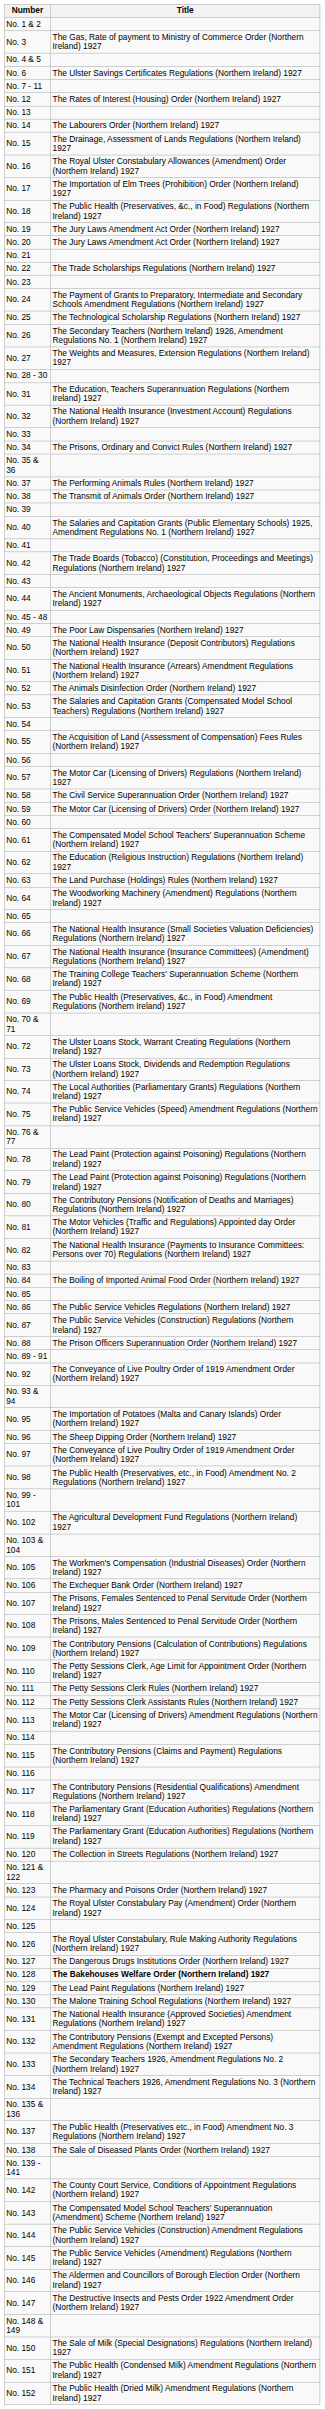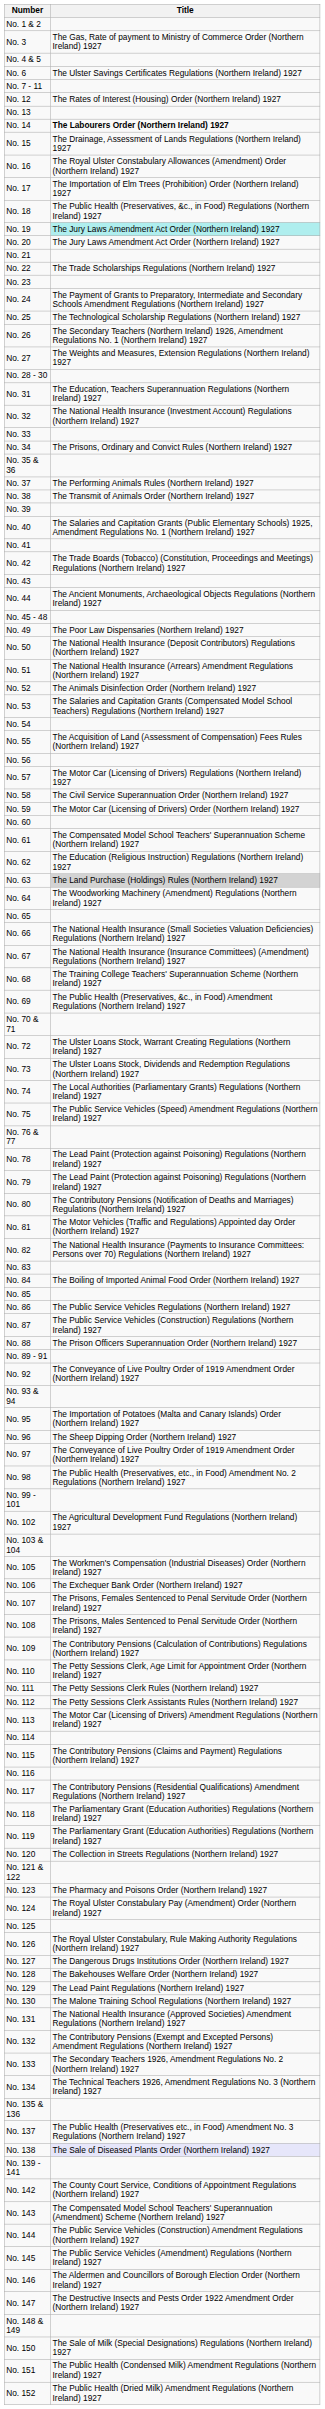 <table class="wikitable collapsible">
 <tr>
 <th>Number</th>
 <th>Title</th>
 </tr>
 <tr>
 <td>No. 1 & 2</td>
 <td></td>
 </tr>
 <tr>
 <td>No. 3</td>
 <td>The Gas, Rate of payment to Ministry of Commerce Order (Northern Ireland) 1927</td>
 </tr>
 <tr>
 <td>No. 4 & 5</td>
 <td></td>
 </tr>
 <tr>
 <td>No. 6</td>
 <td>The Ulster Savings Certificates Regulations (Northern Ireland) 1927</td>
 </tr>
 <tr>
 <td>No. 7 - 11</td>
 <td></td>
 </tr>
 <tr>
 <td>No. 12</td>
 <td>The Rates of Interest (Housing) Order (Northern Ireland) 1927</td>
 </tr>
 <tr>
 <td>No. 13</td>
 <td></td>
 </tr>
 <tr>
 <td>No. 14</td>
-<td>The Labourers Order (Northern Ireland) 1927</td>
+<td><strong>The Labourers Order (Northern Ireland) 1927</strong></td>
 </tr>
 <tr>
 <td>No. 15</td>
 <td>The Drainage, Assessment of Lands Regulations (Northern Ireland) 1927</td>
 </tr>
 <tr>
 <td>No. 16</td>
 <td>The Royal Ulster Constabulary Allowances (Amendment) Order (Northern Ireland) 1927</td>
 </tr>
 <tr>
 <td>No. 17</td>
 <td>The Importation of Elm Trees (Prohibition) Order (Northern Ireland) 1927</td>
 </tr>
 <tr>
 <td>No. 18</td>
 <td>The Public Health (Preservatives, &c., in Food) Regulations (Northern Ireland) 1927</td>
 </tr>
 <tr>
 <td>No. 19</td>
-<td>The Jury Laws Amendment Act Order (Northern Ireland) 1927</td>
+<td style="background: paleturquoise;">The Jury Laws Amendment Act Order (Northern Ireland) 1927</td>
 </tr>
 <tr>
 <td>No. 20</td>
 <td>The Jury Laws Amendment Act Order (Northern Ireland) 1927</td>
 </tr>
 <tr>
 <td>No. 21</td>
 <td></td>
 </tr>
 <tr>
 <td>No. 22</td>
 <td>The Trade Scholarships Regulations (Northern Ireland) 1927</td>
 </tr>
 <tr>
 <td>No. 23</td>
 <td></td>
 </tr>
 <tr>
 <td>No. 24</td>
 <td>The Payment of Grants to Preparatory, Intermediate and Secondary Schools Amendment Regulations (Northern Ireland) 1927</td>
 </tr>
 <tr>
 <td>No. 25</td>
 <td>The Technological Scholarship Regulations (Northern Ireland) 1927</td>
 </tr>
 <tr>
 <td>No. 26</td>
 <td>The Secondary Teachers (Northern Ireland) 1926, Amendment Regulations No. 1 (Northern Ireland) 1927</td>
 </tr>
 <tr>
 <td>No. 27</td>
 <td>The Weights and Measures, Extension Regulations (Northern Ireland) 1927</td>
 </tr>
 <tr>
 <td>No. 28 - 30</td>
 <td></td>
 </tr>
 <tr>
 <td>No. 31</td>
 <td>The Education, Teachers Superannuation Regulations (Northern Ireland) 1927</td>
 </tr>
 <tr>
 <td>No. 32</td>
 <td>The National Health Insurance (Investment Account) Regulations (Northern Ireland) 1927</td>
 </tr>
 <tr>
 <td>No. 33</td>
 <td></td>
 </tr>
 <tr>
 <td>No. 34</td>
 <td>The Prisons, Ordinary and Convict Rules (Northern Ireland) 1927</td>
 </tr>
 <tr>
 <td>No. 35 & 36</td>
 <td></td>
 </tr>
 <tr>
 <td>No. 37</td>
 <td>The Performing Animals Rules (Northern Ireland) 1927</td>
 </tr>
 <tr>
 <td>No. 38</td>
 <td>The Transmit of Animals Order (Northern Ireland) 1927</td>
 </tr>
 <tr>
 <td>No. 39</td>
 <td></td>
 </tr>
 <tr>
 <td>No. 40</td>
 <td>The Salaries and Capitation Grants (Public Elementary Schools) 1925, Amendment Regulations No. 1 (Northern Ireland) 1927</td>
 </tr>
 <tr>
 <td>No. 41</td>
 <td></td>
 </tr>
 <tr>
 <td>No. 42</td>
 <td>The Trade Boards (Tobacco) (Constitution, Proceedings and Meetings) Regulations (Northern Ireland) 1927</td>
 </tr>
 <tr>
 <td>No. 43</td>
 <td></td>
 </tr>
 <tr>
 <td>No. 44</td>
 <td>The Ancient Monuments, Archaeological Objects Regulations (Northern Ireland) 1927</td>
 </tr>
 <tr>
 <td>No. 45 - 48</td>
 <td></td>
 </tr>
 <tr>
 <td>No. 49</td>
 <td>The Poor Law Dispensaries (Northern Ireland) 1927</td>
 </tr>
 <tr>
 <td>No. 50</td>
 <td>The National Health Insurance (Deposit Contributors) Regulations (Northern Ireland) 1927</td>
 </tr>
 <tr>
 <td>No. 51</td>
 <td>The National Health Insurance (Arrears) Amendment Regulations (Northern Ireland) 1927</td>
 </tr>
 <tr>
 <td>No. 52</td>
 <td>The Animals Disinfection Order (Northern Ireland) 1927</td>
 </tr>
 <tr>
 <td>No. 53</td>
 <td>The Salaries and Capitation Grants (Compensated Model School Teachers) Regulations (Northern Ireland) 1927</td>
 </tr>
 <tr>
 <td>No. 54</td>
 <td></td>
 </tr>
 <tr>
 <td>No. 55</td>
 <td>The Acquisition of Land (Assessment of Compensation) Fees Rules (Northern Ireland) 1927</td>
 </tr>
 <tr>
 <td>No. 56</td>
 <td></td>
 </tr>
 <tr>
 <td>No. 57</td>
 <td>The Motor Car (Licensing of Drivers) Regulations (Northern Ireland) 1927</td>
 </tr>
 <tr>
 <td>No. 58</td>
 <td>The Civil Service Superannuation Order (Northern Ireland) 1927</td>
 </tr>
 <tr>
 <td>No. 59</td>
 <td>The Motor Car (Licensing of Drivers) Order (Northern Ireland) 1927</td>
 </tr>
 <tr>
 <td>No. 60</td>
 <td></td>
 </tr>
 <tr>
 <td>No. 61</td>
 <td>The Compensated Model School Teachers' Superannuation Scheme (Northern Ireland) 1927</td>
 </tr>
 <tr>
 <td>No. 62</td>
 <td>The Education (Religious Instruction) Regulations (Northern Ireland) 1927</td>
 </tr>
 <tr>
 <td>No. 63</td>
-<td>The Land Purchase (Holdings) Rules (Northern Ireland) 1927</td>
+<td style="background: lightgrey;">The Land Purchase (Holdings) Rules (Northern Ireland) 1927</td>
 </tr>
 <tr>
 <td>No. 64</td>
 <td>The Woodworking Machinery (Amendment) Regulations (Northern Ireland) 1927</td>
 </tr>
 <tr>
 <td>No. 65</td>
 <td></td>
 </tr>
 <tr>
 <td>No. 66</td>
 <td>The National Health Insurance (Small Societies Valuation Deficiencies) Regulations (Northern Ireland) 1927</td>
 </tr>
 <tr>
 <td>No. 67</td>
 <td>The National Health Insurance (Insurance Committees) (Amendment) Regulations (Northern Ireland) 1927</td>
 </tr>
 <tr>
 <td>No. 68</td>
 <td>The Training College Teachers' Superannuation Scheme (Northern Ireland) 1927</td>
 </tr>
 <tr>
 <td>No. 69</td>
 <td>The Public Health (Preservatives, &c., in Food) Amendment Regulations (Northern Ireland) 1927</td>
 </tr>
 <tr>
 <td>No. 70 & 71</td>
 <td></td>
 </tr>
 <tr>
 <td>No. 72</td>
 <td>The Ulster Loans Stock, Warrant Creating Regulations (Northern Ireland) 1927</td>
 </tr>
 <tr>
 <td>No. 73</td>
 <td>The Ulster Loans Stock, Dividends and Redemption Regulations (Northern Ireland) 1927</td>
 </tr>
 <tr>
 <td>No. 74</td>
 <td>The Local Authorities (Parliamentary Grants) Regulations (Northern Ireland) 1927</td>
 </tr>
 <tr>
 <td>No. 75</td>
 <td>The Public Service Vehicles (Speed) Amendment Regulations (Northern Ireland) 1927</td>
 </tr>
 <tr>
 <td>No. 76 & 77</td>
 <td></td>
 </tr>
 <tr>
 <td>No. 78</td>
 <td>The Lead Paint (Protection against Poisoning) Regulations (Northern Ireland) 1927</td>
 </tr>
 <tr>
 <td>No. 79</td>
 <td>The Lead Paint (Protection against Poisoning) Regulations (Northern Ireland) 1927</td>
 </tr>
 <tr>
 <td>No. 80</td>
 <td>The Contributory Pensions (Notification of Deaths and Marriages) Regulations (Northern Ireland) 1927</td>
 </tr>
 <tr>
 <td>No. 81</td>
 <td>The Motor Vehicles (Traffic and Regulations) Appointed day Order (Northern Ireland) 1927</td>
 </tr>
 <tr>
 <td>No. 82</td>
 <td>The National Health Insurance (Payments to Insurance Committees: Persons over 70) Regulations (Northern Ireland) 1927</td>
 </tr>
 <tr>
 <td>No. 83</td>
 <td></td>
 </tr>
 <tr>
 <td>No. 84</td>
 <td>The Boiling of Imported Animal Food Order (Northern Ireland) 1927</td>
 </tr>
 <tr>
 <td>No. 85</td>
 <td></td>
 </tr>
 <tr>
 <td>No. 86</td>
 <td>The Public Service Vehicles Regulations (Northern Ireland) 1927</td>
 </tr>
 <tr>
 <td>No. 87</td>
 <td>The Public Service Vehicles (Construction) Regulations (Northern Ireland) 1927</td>
 </tr>
 <tr>
 <td>No. 88</td>
 <td>The Prison Officers Superannuation Order (Northern Ireland) 1927</td>
 </tr>
 <tr>
 <td>No. 89 - 91</td>
 <td></td>
 </tr>
 <tr>
 <td>No. 92</td>
 <td>The Conveyance of Live Poultry Order of 1919 Amendment Order (Northern Ireland) 1927</td>
 </tr>
 <tr>
 <td>No. 93 & 94</td>
 <td></td>
 </tr>
 <tr>
 <td>No. 95</td>
 <td>The Importation of Potatoes (Malta and Canary Islands) Order (Northern Ireland) 1927</td>
 </tr>
 <tr>
 <td>No. 96</td>
 <td>The Sheep Dipping Order (Northern Ireland) 1927</td>
 </tr>
 <tr>
 <td>No. 97</td>
 <td>The Conveyance of Live Poultry Order of 1919 Amendment Order (Northern Ireland) 1927</td>
 </tr>
 <tr>
 <td>No. 98</td>
 <td>The Public Health (Preservatives, etc., in Food) Amendment No. 2 Regulations (Northern Ireland) 1927</td>
 </tr>
 <tr>
 <td>No. 99 - 101</td>
 <td></td>
 </tr>
 <tr>
 <td>No. 102</td>
 <td>The Agricultural Development Fund Regulations (Northern Ireland) 1927</td>
 </tr>
 <tr>
 <td>No. 103 & 104</td>
 <td></td>
 </tr>
 <tr>
 <td>No. 105</td>
 <td>The Workmen's Compensation (Industrial Diseases) Order (Northern Ireland) 1927</td>
 </tr>
 <tr>
 <td>No. 106</td>
 <td>The Exchequer Bank Order (Northern Ireland) 1927</td>
 </tr>
 <tr>
 <td>No. 107</td>
 <td>The Prisons, Females Sentenced to Penal Servitude Order (Northern Ireland) 1927</td>
 </tr>
 <tr>
 <td>No. 108</td>
 <td>The Prisons, Males Sentenced to Penal Servitude Order (Northern Ireland) 1927</td>
 </tr>
 <tr>
 <td>No. 109</td>
 <td>The Contributory Pensions (Calculation of Contributions) Regulations (Northern Ireland) 1927</td>
 </tr>
 <tr>
 <td>No. 110</td>
 <td>The Petty Sessions Clerk, Age Limit for Appointment Order (Northern Ireland) 1927</td>
 </tr>
 <tr>
 <td>No. 111</td>
 <td>The Petty Sessions Clerk Rules (Northern Ireland) 1927</td>
 </tr>
 <tr>
 <td>No. 112</td>
 <td>The Petty Sessions Clerk Assistants Rules (Northern Ireland) 1927</td>
 </tr>
 <tr>
 <td>No. 113</td>
 <td>The Motor Car (Licensing of Drivers) Amendment Regulations (Northern Ireland) 1927</td>
 </tr>
 <tr>
 <td>No. 114</td>
 <td></td>
 </tr>
 <tr>
 <td>No. 115</td>
 <td>The Contributory Pensions (Claims and Payment) Regulations (Northern Ireland) 1927</td>
 </tr>
 <tr>
 <td>No. 116</td>
 <td></td>
 </tr>
 <tr>
 <td>No. 117</td>
 <td>The Contributory Pensions (Residential Qualifications) Amendment Regulations (Northern Ireland) 1927</td>
 </tr>
 <tr>
 <td>No. 118</td>
 <td>The Parliamentary Grant (Education Authorities) Regulations (Northern Ireland) 1927</td>
 </tr>
 <tr>
 <td>No. 119</td>
 <td>The Parliamentary Grant (Education Authorities) Regulations (Northern Ireland) 1927</td>
 </tr>
 <tr>
 <td>No. 120</td>
 <td>The Collection in Streets Regulations (Northern Ireland) 1927</td>
 </tr>
 <tr>
 <td>No. 121 & 122</td>
 <td></td>
 </tr>
 <tr>
 <td>No. 123</td>
 <td>The Pharmacy and Poisons Order (Northern Ireland) 1927</td>
 </tr>
 <tr>
 <td>No. 124</td>
 <td>The Royal Ulster Constabulary Pay (Amendment) Order (Northern Ireland) 1927</td>
 </tr>
 <tr>
 <td>No. 125</td>
 <td></td>
 </tr>
 <tr>
 <td>No. 126</td>
 <td>The Royal Ulster Constabulary, Rule Making Authority Regulations (Northern Ireland) 1927</td>
 </tr>
 <tr>
 <td>No. 127</td>
 <td>The Dangerous Drugs Institutions Order (Northern Ireland) 1927</td>
 </tr>
 <tr>
 <td>No. 128</td>
-<td><strong>The Bakehouses Welfare Order (Northern Ireland) 1927</strong></td>
+<td>The Bakehouses Welfare Order (Northern Ireland) 1927</td>
 </tr>
 <tr>
 <td>No. 129</td>
 <td>The Lead Paint Regulations (Northern Ireland) 1927</td>
 </tr>
 <tr>
 <td>No. 130</td>
 <td>The Malone Training School Regulations (Northern Ireland) 1927</td>
 </tr>
 <tr>
 <td>No. 131</td>
 <td>The National Health Insurance (Approved Societies) Amendment Regulations (Northern Ireland) 1927</td>
 </tr>
 <tr>
 <td>No. 132</td>
 <td>The Contributory Pensions (Exempt and Excepted Persons) Amendment Regulations (Northern Ireland) 1927</td>
 </tr>
 <tr>
 <td>No. 133</td>
 <td>The Secondary Teachers 1926, Amendment Regulations No. 2 (Northern Ireland) 1927</td>
 </tr>
 <tr>
 <td>No. 134</td>
 <td>The Technical Teachers 1926, Amendment Regulations No. 3 (Northern Ireland) 1927</td>
 </tr>
 <tr>
 <td>No. 135 & 136</td>
 <td></td>
 </tr>
 <tr>
 <td>No. 137</td>
 <td>The Public Health (Preservatives etc., in Food) Amendment No. 3 Regulations (Northern Ireland) 1927</td>
 </tr>
 <tr>
 <td>No. 138</td>
-<td>The Sale of Diseased Plants Order (Northern Ireland) 1927</td>
+<td style="background: lavender;">The Sale of Diseased Plants Order (Northern Ireland) 1927</td>
 </tr>
 <tr>
 <td>No. 139 - 141</td>
 <td></td>
 </tr>
 <tr>
 <td>No. 142</td>
 <td>The County Court Service, Conditions of Appointment Regulations (Northern Ireland) 1927</td>
 </tr>
 <tr>
 <td>No. 143</td>
 <td>The Compensated Model School Teachers' Superannuation (Amendment) Scheme (Northern Ireland) 1927</td>
 </tr>
 <tr>
 <td>No. 144</td>
 <td>The Public Service Vehicles (Construction) Amendment Regulations (Northern Ireland) 1927</td>
 </tr>
 <tr>
 <td>No. 145</td>
 <td>The Public Service Vehicles (Amendment) Regulations (Northern Ireland) 1927</td>
 </tr>
 <tr>
 <td>No. 146</td>
 <td>The Aldermen and Councillors of Borough Election Order (Northern Ireland) 1927</td>
 </tr>
 <tr>
 <td>No. 147</td>
 <td>The Destructive Insects and Pests Order 1922 Amendment Order (Northern Ireland) 1927</td>
 </tr>
 <tr>
 <td>No. 148 & 149</td>
 <td></td>
 </tr>
 <tr>
 <td>No. 150</td>
 <td>The Sale of Milk (Special Designations) Regulations (Northern Ireland) 1927</td>
 </tr>
 <tr>
 <td>No. 151</td>
 <td>The Public Health (Condensed Milk) Amendment Regulations (Northern Ireland) 1927</td>
 </tr>
 <tr>
 <td>No. 152</td>
 <td>The Public Health (Dried Milk) Amendment Regulations (Northern Ireland) 1927</td>
 </tr>
 </table>
